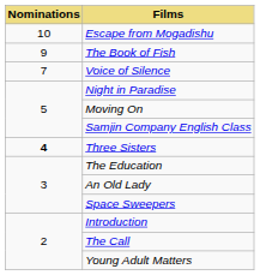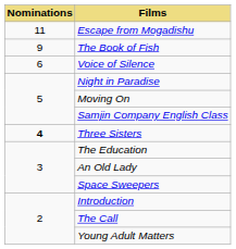 <table class="wikitable" align="center">
 <tr>
 <th style="background:#EEDD82;" align="center">Nominations</th>
 <th style="background:#EEDD82;" align="center">Films</th>
 </tr>
 <tr>
-<td style="text-align:center">10</td>
+<td style="text-align:center">11</td>
 <td><em><a href='#'>Escape from Mogadishu</a></em></td>
 </tr>
 <tr>
 <td style="text-align:center">9</td>
 <td><em><a href='#'>The Book of Fish</a></em></td>
 </tr>
 <tr>
-<td style="text-align:center">7</td>
+<td style="text-align:center">6</td>
 <td><em><a href='#'>Voice of Silence</a></em></td>
 </tr>
 <tr>
 <td rowspan="3" style="text-align:center">5</td>
 <td><em><a href='#'>Night in Paradise</a></em></td>
 </tr>
 <tr>
 <td><em>Moving On</em></td>
 </tr>
 <tr>
 <td><em><a href='#'>Samjin Company English Class</a></em></td>
 </tr>
 <tr>
 <td style="text-align:center"><strong>4</strong></td>
 <td><em><a href='#'>Three Sisters</a></em></td>
 </tr>
 <tr>
 <td rowspan="3" style="text-align:center">3</td>
 <td><em>The Education</em></td>
 </tr>
 <tr>
 <td><em>An Old Lady</em></td>
 </tr>
 <tr>
 <td><em><a href='#'>Space Sweepers</a></em></td>
 </tr>
 <tr>
 <td rowspan="3" style="text-align:center">2</td>
 <td><em><a href='#'>Introduction</a></em></td>
 </tr>
 <tr>
 <td><em><a href='#'>The Call</a></em></td>
 </tr>
 <tr>
 <td><em>Young Adult Matters</em></td>
 </tr>
 </table>
